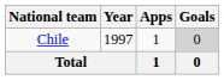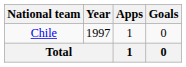 <table class="wikitable" style="text-align:center">
 <tr>
 <th>National team</th>
 <th>Year</th>
 <th>Apps</th>
 <th>Goals</th>
 </tr>
 <tr>
 <td><a href='#'>Chile</a></td>
 <td>1997</td>
 <td>1</td>
-<td style="background: lightgrey;">0</td>
+<td>0</td>
 </tr>
 <tr>
 <th colspan=2>Total</th>
 <th>1</th>
 <th>0</th>
 </tr>
 </table>
